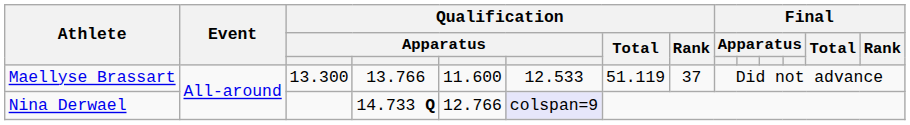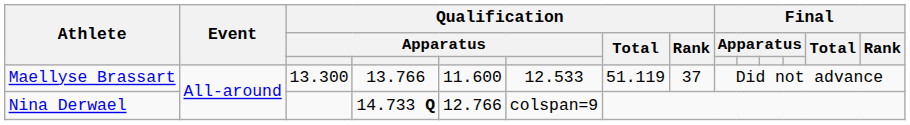 <table class="wikitable" style="font-size:90%">
 <tr>
 <th rowspan=3>Athlete</th>
 <th rowspan=3>Event</th>
 <th colspan =6>Qualification</th>
 <th colspan =6>Final</th>
 </tr>
 <tr style="font-size:95%">
 <th colspan=4>Apparatus</th>
 <th rowspan=2>Total</th>
 <th rowspan=2>Rank</th>
 <th colspan=4>Apparatus</th>
 <th rowspan=2>Total</th>
 <th rowspan=2>Rank</th>
 </tr>
 <tr style="font-size:95%">
 <th></th>
 <th></th>
 <th></th>
 <th></th>
 <th></th>
 <th></th>
 <th></th>
 <th></th>
 </tr>
 <tr align=center>
 <td align=left><a href='#'>Maellyse Brassart</a></td>
 <td align=left rowspan=2><a href='#'>All-around</a></td>
 <td>13.300</td>
 <td>13.766</td>
 <td>11.600</td>
 <td>12.533</td>
 <td>51.119</td>
 <td>37</td>
 <td colspan=6>Did not advance</td>
 </tr>
 <tr align=center>
 <td align=left><a href='#'>Nina Derwael</a></td>
 <td></td>
 <td>14.733 <strong>Q</strong></td>
 <td>12.766</td>
-<td style="background: lavender;">colspan=9 </td>
+<td>colspan=9 </td>
 </tr>
 </table>
